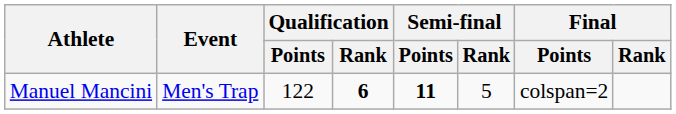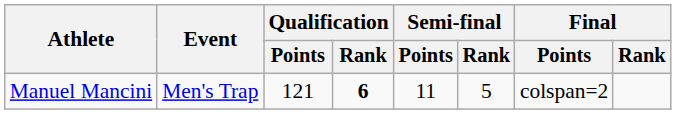 <table class="wikitable" style="font-size:90%;">
 <tr>
 <th rowspan=2>Athlete</th>
 <th rowspan=2>Event</th>
 <th colspan=2>Qualification</th>
 <th colspan=2>Semi-final</th>
 <th colspan=2>Final</th>
 </tr>
 <tr style="font-size:95%">
 <th>Points</th>
 <th>Rank</th>
 <th>Points</th>
 <th>Rank</th>
 <th>Points</th>
 <th>Rank</th>
 </tr>
 <tr align=center>
 <td align=left><a href='#'>Manuel Mancini</a></td>
 <td align=left><a href='#'>Men's Trap</a></td>
-<td>122</td>
+<td>121</td>
 <td><strong>6</strong></td>
-<td><strong>11</strong></td>
+<td>11</td>
 <td>5</td>
 <td>colspan=2 </td>
 </tr>
 </table>
